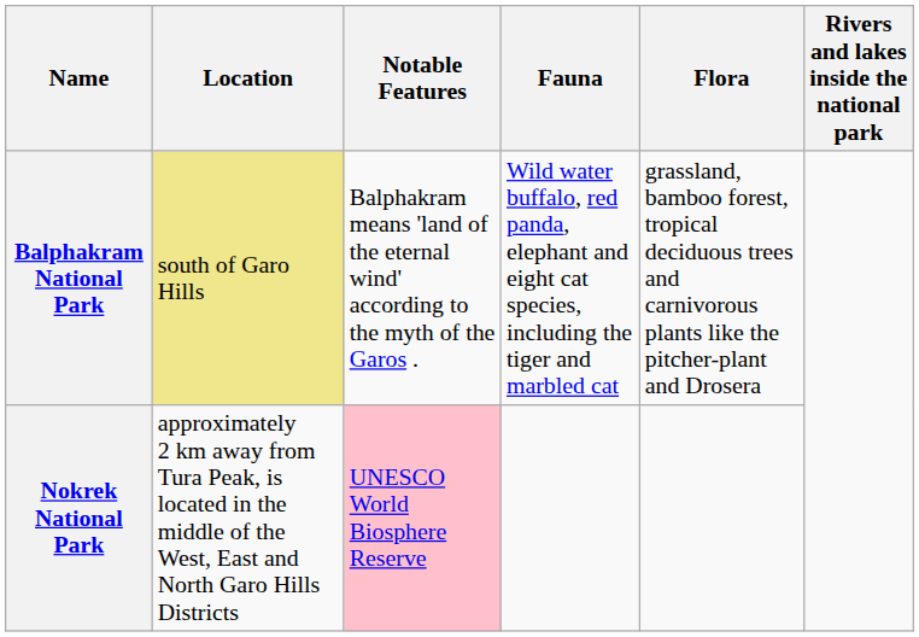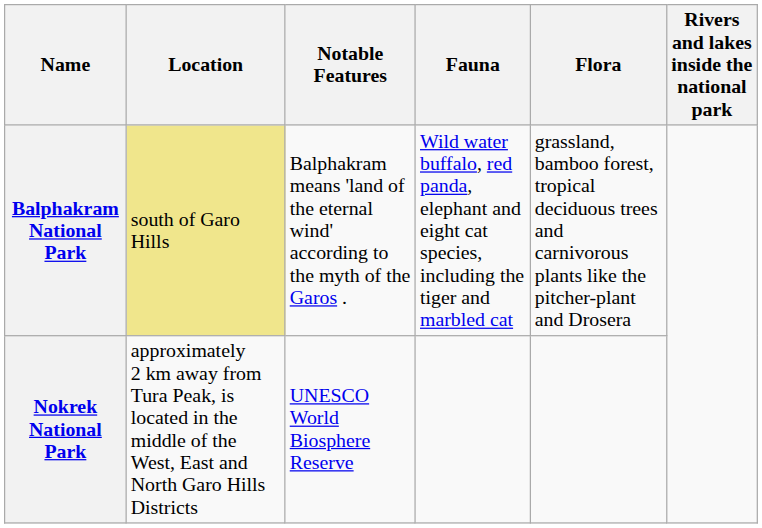 <table class="wikitable sortable">
 <tr>
 <th>Name</th>
 <th>Location</th>
 <th>Notable Features</th>
 <th>Fauna</th>
 <th>Flora</th>
 <th>Rivers and lakes inside the national park</th>
 </tr>
 <tr>
 <th><a href='#'>Balphakram National Park</a></th>
 <td style="background: khaki;">south of Garo Hills</td>
 <td>Balphakram means 'land of the eternal wind' according to the myth of the <a href='#'>Garos</a>  .</td>
 <td><a href='#'>Wild water buffalo</a>, <a href='#'>red panda</a>, elephant and eight cat species, including the tiger and <a href='#'>marbled cat</a></td>
 <td>grassland, bamboo forest, tropical deciduous trees and carnivorous plants like the pitcher-plant and Drosera</td>
 </tr>
 <tr>
 <th><a href='#'>Nokrek National Park</a></th>
 <td>approximately 2 km away from Tura Peak, is located in the middle of the West, East and North Garo Hills Districts</td>
-<td style="background: pink;"><a href='#'>UNESCO</a> <a href='#'>World Biosphere Reserve</a></td>
+<td><a href='#'>UNESCO</a> <a href='#'>World Biosphere Reserve</a></td>
 <td></td>
 <td></td>
 </tr>
 </table>
